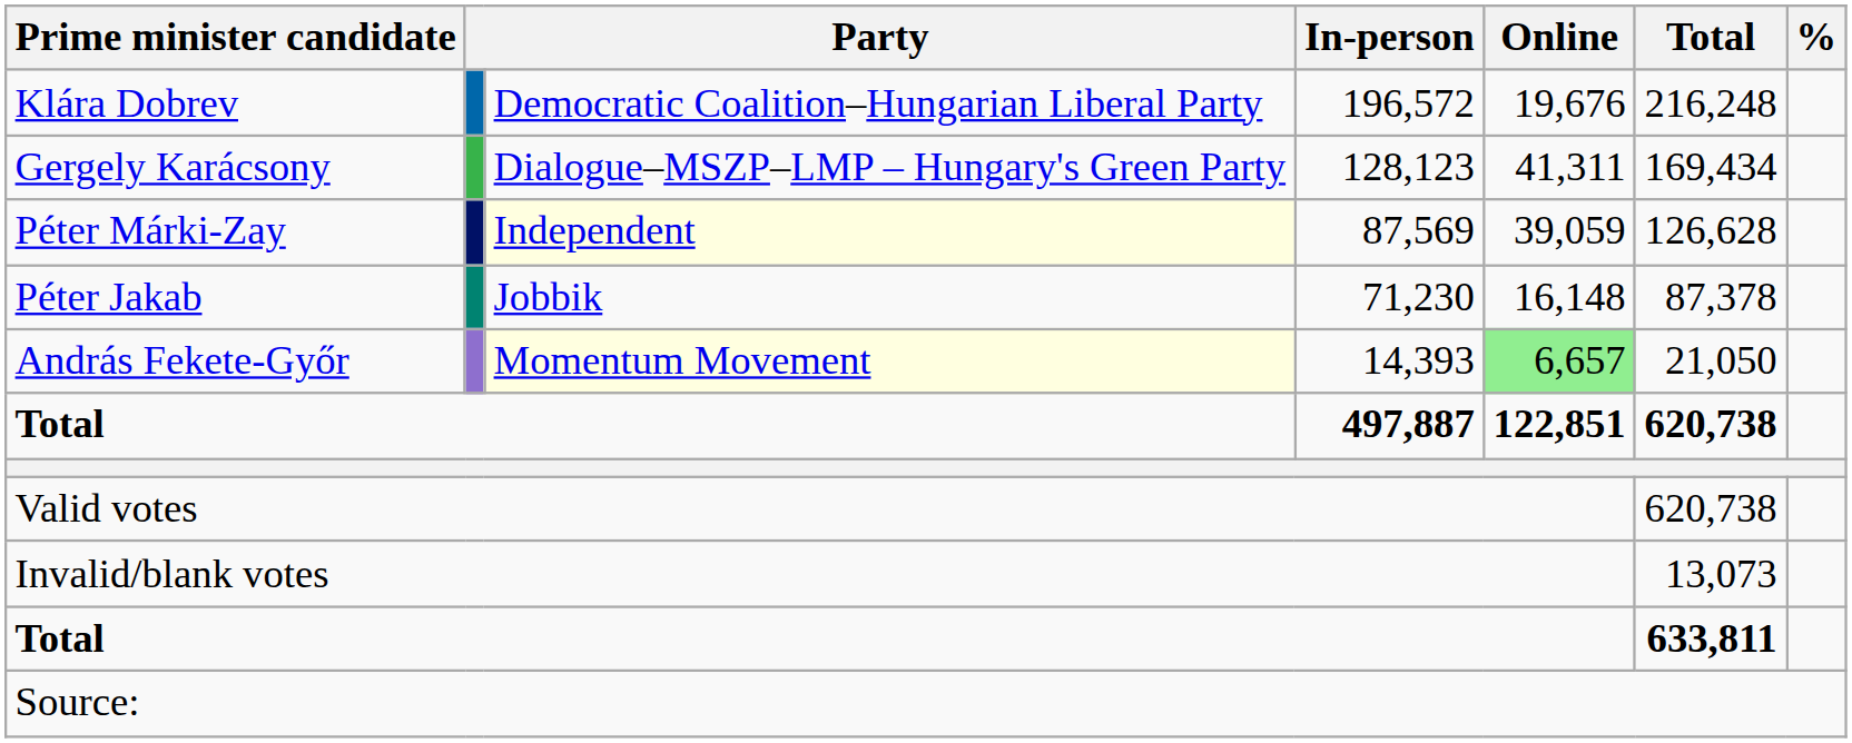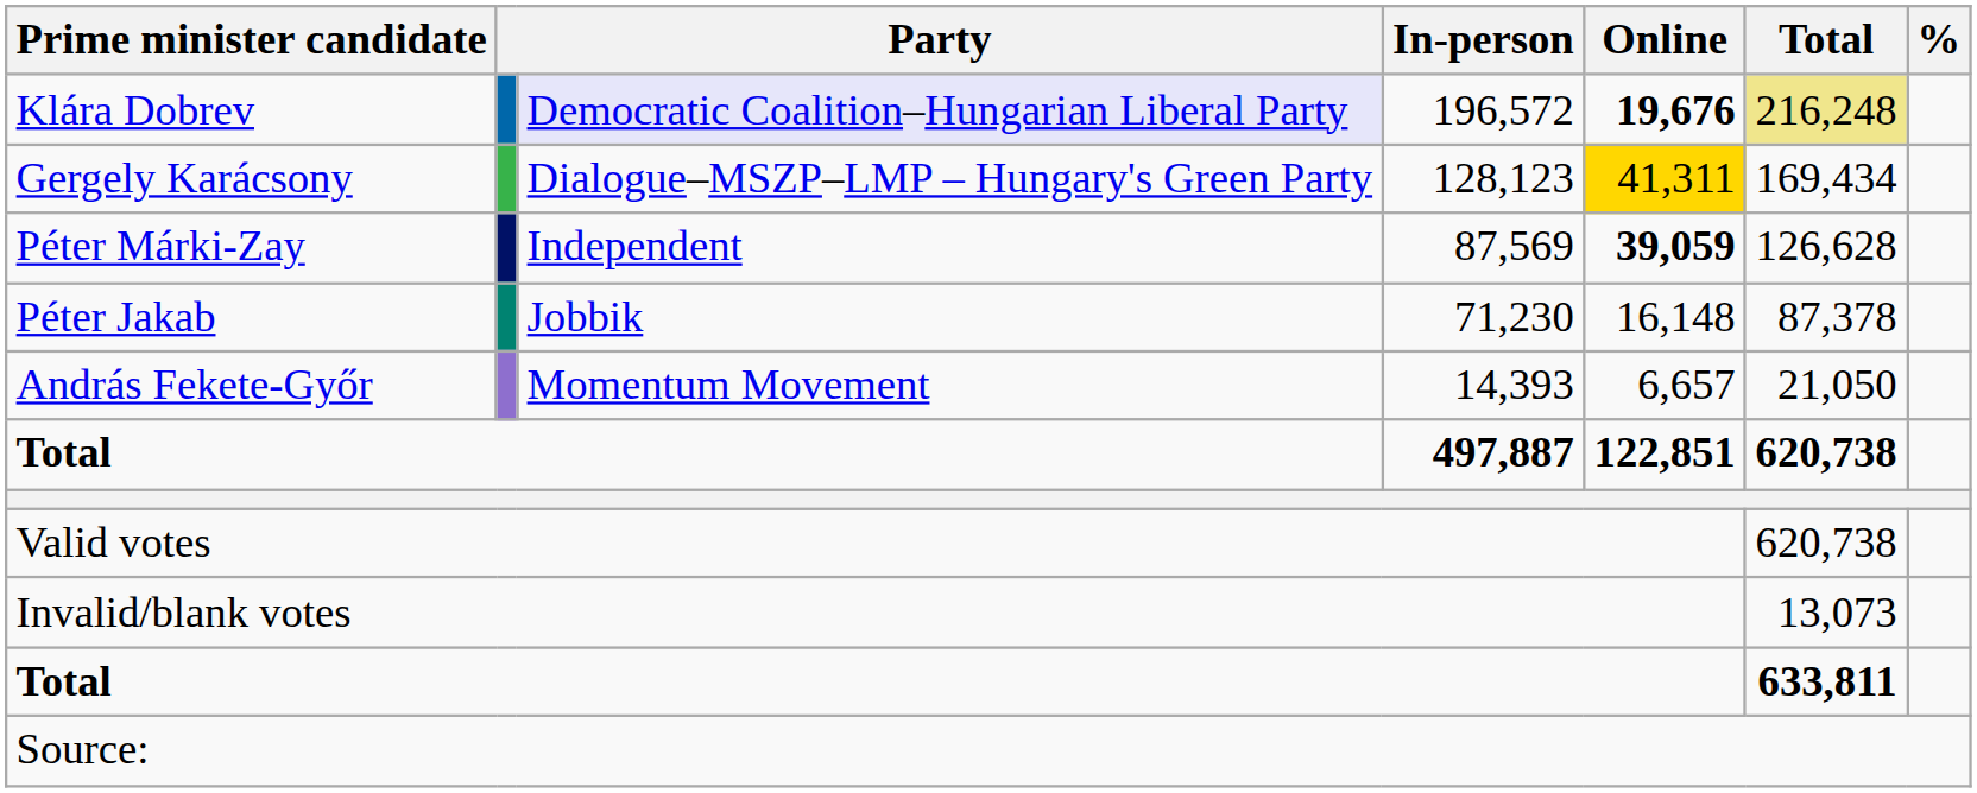 <table class="wikitable" style="text-align:right">
 <tr>
 <th>Prime minister candidate</th>
 <th colspan="2">Party</th>
 <th>In-person</th>
 <th>Online</th>
 <th>Total</th>
 <th>%</th>
 </tr>
 <tr>
 <td align="left"><a href='#'>Klára Dobrev</a></td>
 <td style="background:#0067aa"></td>
-<td align="left"><a href='#'>Democratic Coalition</a>–<a href='#'>Hungarian Liberal Party</a></td>
+<td align="left" style="background: lavender;"><a href='#'>Democratic Coalition</a>–<a href='#'>Hungarian Liberal Party</a></td>
 <td>196,572</td>
-<td>19,676</td>
-<td>216,248</td>
+<td><strong>19,676</strong></td>
+<td style="background: khaki;">216,248</td>
 <td></td>
 </tr>
 <tr>
 <td align="left"><a href='#'>Gergely Karácsony</a></td>
 <td style="background:#37B34A"></td>
 <td align="left"><a href='#'>Dialogue</a>–<a href='#'>MSZP</a>–<a href='#'>LMP – Hungary's Green Party</a></td>
 <td>128,123</td>
-<td>41,311</td>
+<td style="background: gold;">41,311</td>
 <td>169,434</td>
 <td></td>
 </tr>
 <tr>
 <td align="left"><a href='#'>Péter Márki-Zay</a></td>
 <td style="background:#001166"></td>
-<td align="left" style="background: lightyellow;"><a href='#'>Independent</a></td>
+<td align="left"><a href='#'>Independent</a></td>
 <td>87,569</td>
-<td>39,059</td>
+<td><strong>39,059</strong></td>
 <td>126,628</td>
 <td></td>
 </tr>
 <tr>
 <td align="left"><a href='#'>Péter Jakab</a></td>
 <td style="background:#008371"></td>
 <td align="left"><a href='#'>Jobbik</a></td>
 <td>71,230</td>
 <td>16,148</td>
 <td>87,378</td>
 <td></td>
 </tr>
 <tr>
 <td align="left"><a href='#'>András Fekete-Győr</a></td>
 <td style="background:#8e6fce"></td>
-<td align="left" style="background: lightyellow;"><a href='#'>Momentum Movement</a></td>
+<td align="left"><a href='#'>Momentum Movement</a></td>
 <td>14,393</td>
-<td style="background: lightgreen;">6,657</td>
+<td>6,657</td>
 <td>21,050</td>
 <td></td>
 </tr>
 <tr style="font-weight:bold">
 <td colspan="3" align="left">Total</td>
 <td>497,887</td>
 <td>122,851</td>
 <td>620,738</td>
 <td></td>
 </tr>
 <tr>
 <th colspan="7"></th>
 </tr>
 <tr>
 <td colspan="5" align="left">Valid votes</td>
 <td>620,738</td>
 <td></td>
 </tr>
 <tr>
 <td colspan="5" align="left">Invalid/blank votes</td>
 <td>13,073</td>
 <td></td>
 </tr>
 <tr>
 <td colspan="5" align="left"><strong>Total</strong></td>
 <td><strong>633,811</strong></td>
 <td><strong></strong></td>
 </tr>
 <tr class="sortbottom">
 <td colspan="7" align="left">Source: </td>
 </tr>
 </table>
